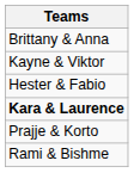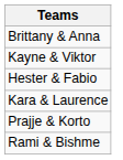 <table class="wikitable">
 <tr>
 <th>Teams</th>
 </tr>
 <tr>
 <td>Brittany & Anna</td>
 </tr>
 <tr>
 <td>Kayne & Viktor</td>
 </tr>
 <tr>
 <td>Hester & Fabio</td>
 </tr>
 <tr>
-<td><strong>Kara & Laurence</strong></td>
+<td>Kara & Laurence</td>
 </tr>
 <tr>
 <td>Prajje & Korto</td>
 </tr>
 <tr>
 <td>Rami & Bishme</td>
 </tr>
 </table>
